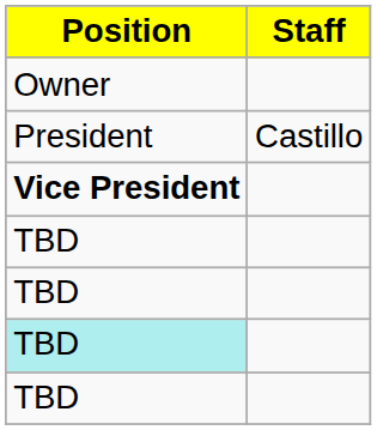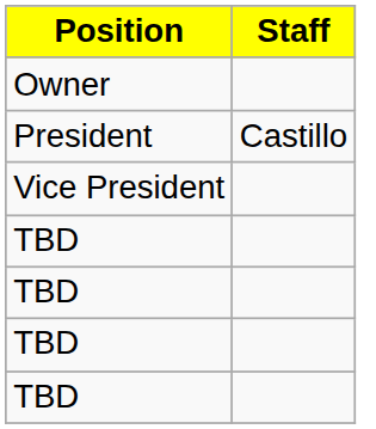 <table class="wikitable">
 <tr>
 <th style="color:Black; background:#FFFF00;">Position</th>
 <th style="color:Black; background:#FFFF00;">Staff</th>
 </tr>
 <tr>
 <td>Owner</td>
 <td></td>
 </tr>
 <tr>
 <td>President</td>
 <td> Castillo</td>
 </tr>
 <tr>
-<td><strong>Vice President</strong></td>
+<td>Vice President</td>
 <td></td>
 </tr>
 <tr>
 <td>TBD</td>
 <td></td>
 </tr>
 <tr>
 <td>TBD</td>
 <td></td>
 </tr>
 <tr>
-<td style="background: paleturquoise;">TBD</td>
+<td>TBD</td>
 <td></td>
 </tr>
 <tr>
 <td>TBD</td>
 <td></td>
 </tr>
 </table>
